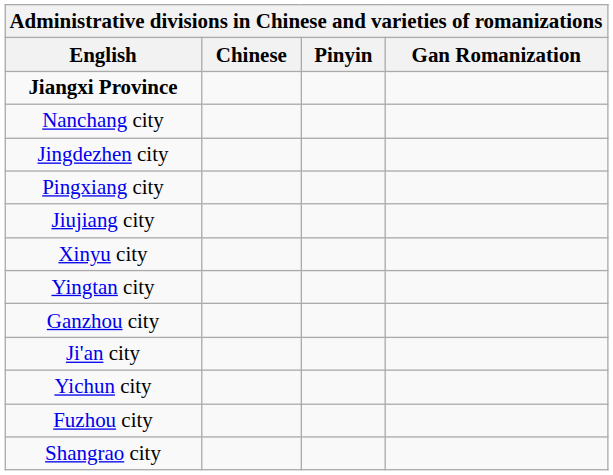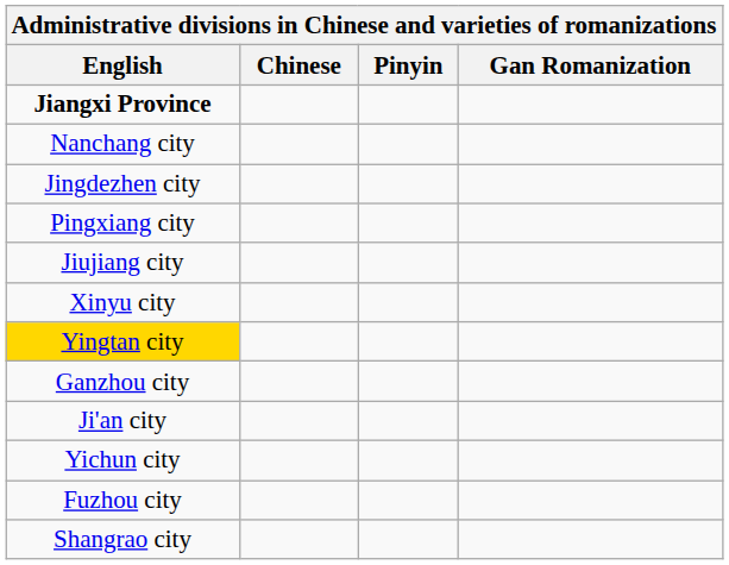 <table class="wikitable sortable collapsible collapsed" style="width:auto; text-align:center; margin-left: auto; margin-right: auto;">
 <tr>
 <th colspan="5">Administrative divisions in Chinese and varieties of romanizations</th>
 </tr>
 <tr>
 <th>English</th>
 <th>Chinese</th>
 <th>Pinyin</th>
 <th>Gan Romanization</th>
 </tr>
 <tr>
 <td><strong>Jiangxi Province</strong></td>
 <td></td>
 <td></td>
 <td></td>
 </tr>
 <tr>
 <td><a href='#'>Nanchang</a> city</td>
 <td></td>
 <td></td>
 <td></td>
 </tr>
 <tr>
 <td><a href='#'>Jingdezhen</a> city</td>
 <td></td>
 <td></td>
 <td></td>
 </tr>
 <tr>
 <td><a href='#'>Pingxiang</a> city</td>
 <td></td>
 <td></td>
 <td></td>
 </tr>
 <tr>
 <td><a href='#'>Jiujiang</a> city</td>
 <td></td>
 <td></td>
 <td></td>
 </tr>
 <tr>
 <td><a href='#'>Xinyu</a> city</td>
 <td></td>
 <td></td>
 <td></td>
 </tr>
 <tr>
-<td><a href='#'>Yingtan</a> city</td>
+<td style="background: gold;"><a href='#'>Yingtan</a> city</td>
 <td></td>
 <td></td>
 <td></td>
 </tr>
 <tr>
 <td><a href='#'>Ganzhou</a> city</td>
 <td></td>
 <td></td>
 <td></td>
 </tr>
 <tr>
 <td><a href='#'>Ji'an</a> city</td>
 <td></td>
 <td></td>
 <td></td>
 </tr>
 <tr>
 <td><a href='#'>Yichun</a> city</td>
 <td></td>
 <td></td>
 <td></td>
 </tr>
 <tr>
 <td><a href='#'>Fuzhou</a> city</td>
 <td></td>
 <td></td>
 <td></td>
 </tr>
 <tr>
 <td><a href='#'>Shangrao</a> city</td>
 <td></td>
 <td></td>
 <td></td>
 </tr>
 </table>
